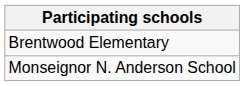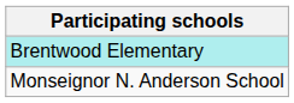 <table class="wikitable" align=right>
 <tr>
 <th>Participating schools</th>
 </tr>
 <tr>
-<td>Brentwood Elementary</td>
+<td style="background: paleturquoise;">Brentwood Elementary</td>
 </tr>
 <tr>
 <td>Monseignor N. Anderson School</td>
 </tr>
 </table>
